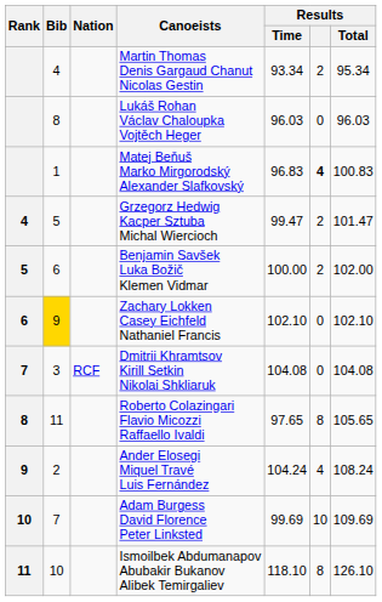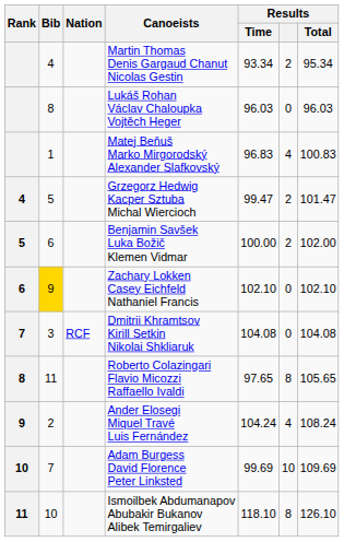 <table class="wikitable" style="text-align:center">
 <tr>
 <th rowspan=2>Rank</th>
 <th rowspan=2>Bib</th>
 <th rowspan=2>Nation</th>
 <th rowspan=2>Canoeists</th>
 <th colspan=3>Results</th>
 </tr>
 <tr>
 <th>Time</th>
 <th></th>
 <th>Total</th>
 </tr>
 <tr>
 <th></th>
 <td>4</td>
 <td align=left></td>
 <td align=left><a href='#'>Martin Thomas</a><br><a href='#'>Denis Gargaud Chanut</a><br><a href='#'>Nicolas Gestin</a></td>
 <td>93.34</td>
 <td>2</td>
 <td>95.34</td>
 </tr>
 <tr>
 <th></th>
 <td>8</td>
 <td align=left></td>
 <td align=left><a href='#'>Lukáš Rohan</a><br><a href='#'>Václav Chaloupka</a><br><a href='#'>Vojtěch Heger</a></td>
 <td>96.03</td>
 <td>0</td>
 <td>96.03</td>
 </tr>
 <tr>
 <th></th>
 <td>1</td>
 <td align=left></td>
 <td align=left><a href='#'>Matej Beňuš</a><br><a href='#'>Marko Mirgorodský</a><br><a href='#'>Alexander Slafkovský</a></td>
 <td>96.83</td>
-<td><strong>4</strong></td>
+<td>4</td>
 <td>100.83</td>
 </tr>
 <tr>
 <th>4</th>
 <td>5</td>
 <td align=left></td>
 <td align=left><a href='#'>Grzegorz Hedwig</a><br><a href='#'>Kacper Sztuba</a><br>Michal Wiercioch</td>
 <td>99.47</td>
 <td>2</td>
 <td>101.47</td>
 </tr>
 <tr>
 <th>5</th>
 <td>6</td>
 <td align=left></td>
 <td align=left><a href='#'>Benjamin Savšek</a><br><a href='#'>Luka Božič</a><br>Klemen Vidmar</td>
 <td>100.00</td>
 <td>2</td>
 <td>102.00</td>
 </tr>
 <tr>
 <th>6</th>
 <td style="background: gold;">9</td>
 <td align=left></td>
 <td align=left><a href='#'>Zachary Lokken</a><br><a href='#'>Casey Eichfeld</a><br>Nathaniel Francis</td>
 <td>102.10</td>
 <td>0</td>
 <td>102.10</td>
 </tr>
 <tr>
 <th>7</th>
 <td>3</td>
 <td align=left> <a href='#'>RCF</a></td>
 <td align=left><a href='#'>Dmitrii Khramtsov</a><br><a href='#'>Kirill Setkin</a><br><a href='#'>Nikolai Shkliaruk</a></td>
 <td>104.08</td>
 <td>0</td>
 <td>104.08</td>
 </tr>
 <tr>
 <th>8</th>
 <td>11</td>
 <td align=left></td>
 <td align=left><a href='#'>Roberto Colazingari</a><br><a href='#'>Flavio Micozzi</a><br><a href='#'>Raffaello Ivaldi</a></td>
 <td>97.65</td>
 <td>8</td>
 <td>105.65</td>
 </tr>
 <tr>
 <th>9</th>
 <td>2</td>
 <td align=left></td>
 <td align=left><a href='#'>Ander Elosegi</a><br><a href='#'>Miquel Travé</a><br><a href='#'>Luis Fernández</a></td>
 <td>104.24</td>
 <td>4</td>
 <td>108.24</td>
 </tr>
 <tr>
 <th>10</th>
 <td>7</td>
 <td align=left></td>
 <td align=left><a href='#'>Adam Burgess</a><br><a href='#'>David Florence</a><br><a href='#'>Peter Linksted</a></td>
 <td>99.69</td>
 <td>10</td>
 <td>109.69</td>
 </tr>
 <tr>
 <th>11</th>
 <td>10</td>
 <td align=left></td>
 <td align=left>Ismoilbek Abdumanapov<br>Abubakir Bukanov<br>Alibek Temirgaliev</td>
 <td>118.10</td>
 <td>8</td>
 <td>126.10</td>
 </tr>
 </table>
